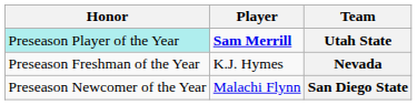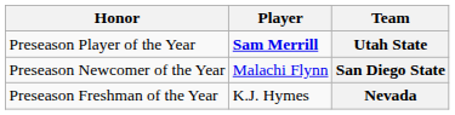 <table class="wikitable">
 <tr>
 <th>Honor</th>
 <th>Player</th>
 <th>Team</th>
 </tr>
 <tr>
-<td style="background: paleturquoise;">Preseason Player of the Year</td>
+<td>Preseason Player of the Year</td>
 <td><strong><a href='#'>Sam Merrill</a></strong></td>
 <th>Utah State</th>
+</tr>
+<tr>
+<td>Preseason Newcomer of the Year</td>
+<td><a href='#'>Malachi Flynn</a></td>
+<th>San Diego State</th>
 </tr>
 <tr>
 <td>Preseason Freshman of the Year</td>
 <td>K.J. Hymes</td>
 <th>Nevada</th>
 </tr>
-<tr>
-<td>Preseason Newcomer of the Year</td>
-<td><a href='#'>Malachi Flynn</a></td>
-<th>San Diego State</th>
-</tr>
 </table>
